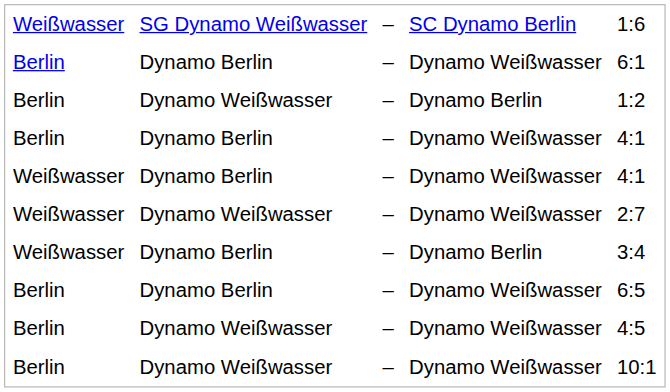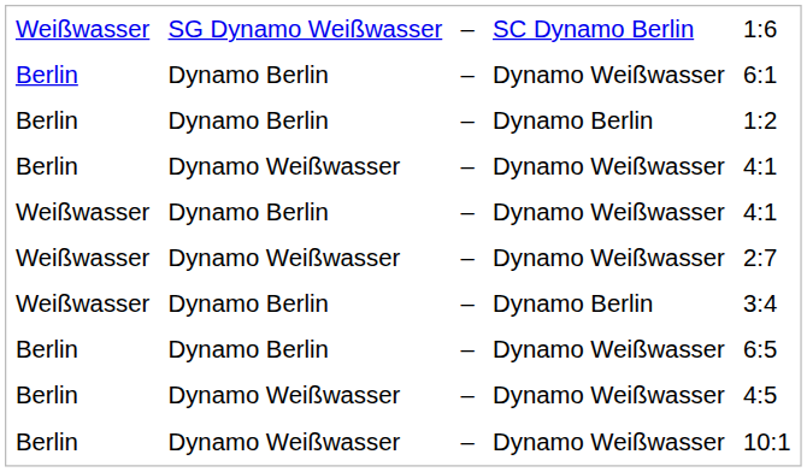 <table cellspacing="0" border="0" cellpadding="6" style="border:1px solid #bbb; background-color:#FFFFFF;">
 <tr>
 <td><a href='#'>Weißwasser</a></td>
 <td><a href='#'>SG Dynamo Weißwasser</a></td>
 <td>–</td>
 <td><a href='#'>SC Dynamo Berlin</a></td>
 <td>1:6</td>
 </tr>
 <tr>
 <td><a href='#'>Berlin</a></td>
 <td>Dynamo Berlin</td>
 <td>–</td>
 <td>Dynamo Weißwasser</td>
 <td>6:1</td>
 </tr>
 <tr>
 <td>Berlin</td>
-<td>Dynamo Weißwasser</td>
+<td>Dynamo Berlin</td>
 <td>–</td>
 <td>Dynamo Berlin</td>
 <td>1:2</td>
 </tr>
 <tr>
 <td>Berlin</td>
-<td>Dynamo Berlin</td>
+<td>Dynamo Weißwasser</td>
 <td>–</td>
 <td>Dynamo Weißwasser</td>
 <td>4:1</td>
 </tr>
 <tr>
 <td>Weißwasser</td>
 <td>Dynamo Berlin</td>
 <td>–</td>
 <td>Dynamo Weißwasser</td>
 <td>4:1</td>
 </tr>
 <tr>
 <td>Weißwasser</td>
 <td>Dynamo Weißwasser</td>
 <td>–</td>
 <td>Dynamo Weißwasser</td>
 <td>2:7</td>
 </tr>
 <tr>
 <td>Weißwasser</td>
 <td>Dynamo Berlin</td>
 <td>–</td>
 <td>Dynamo Berlin</td>
 <td>3:4</td>
 </tr>
 <tr>
 <td>Berlin</td>
 <td>Dynamo Berlin</td>
 <td>–</td>
 <td>Dynamo Weißwasser</td>
 <td>6:5</td>
 </tr>
 <tr>
 <td>Berlin</td>
 <td>Dynamo Weißwasser</td>
 <td>–</td>
 <td>Dynamo Weißwasser</td>
 <td>4:5</td>
 </tr>
 <tr>
 <td>Berlin</td>
 <td>Dynamo Weißwasser</td>
 <td>–</td>
 <td>Dynamo Weißwasser</td>
 <td>10:1</td>
 </tr>
 </table>
